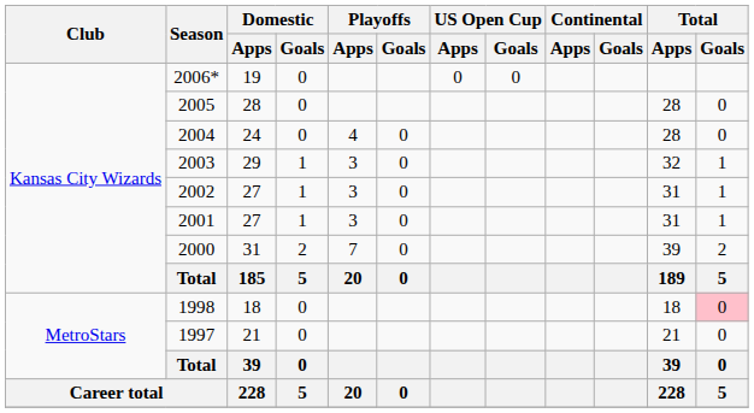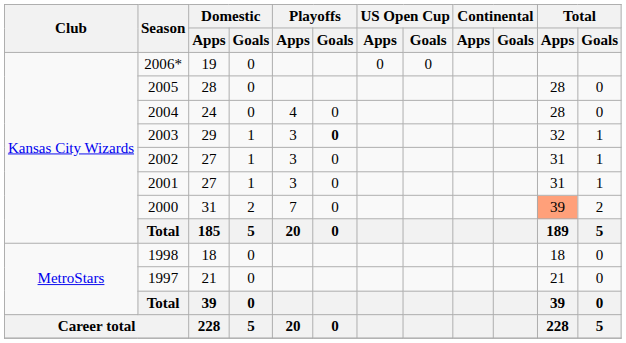 <table class="wikitable" style="text-align:center">
 <tr>
 <th rowspan="2">Club</th>
 <th rowspan="2">Season</th>
 <th colspan="2">Domestic</th>
 <th colspan="2">Playoffs</th>
 <th colspan="2">US Open Cup</th>
 <th colspan="2">Continental</th>
 <th colspan="2">Total</th>
 </tr>
 <tr>
 <th>Apps</th>
 <th>Goals</th>
 <th>Apps</th>
 <th>Goals</th>
 <th>Apps</th>
 <th>Goals</th>
 <th>Apps</th>
 <th>Goals</th>
 <th>Apps</th>
 <th>Goals</th>
 </tr>
 <tr>
 <td rowspan="8"><a href='#'>Kansas City Wizards</a></td>
 <td>2006*</td>
 <td>19</td>
 <td>0</td>
 <td></td>
 <td></td>
 <td>0</td>
 <td>0</td>
 <td></td>
 <td></td>
 <td></td>
 <td></td>
 </tr>
 <tr>
 <td>2005</td>
 <td>28</td>
 <td>0</td>
 <td></td>
 <td></td>
 <td></td>
 <td></td>
 <td></td>
 <td></td>
 <td>28</td>
 <td>0</td>
 </tr>
 <tr>
 <td>2004</td>
 <td>24</td>
 <td>0</td>
 <td>4</td>
 <td>0</td>
 <td></td>
 <td></td>
 <td></td>
 <td></td>
 <td>28</td>
 <td>0</td>
 </tr>
 <tr>
 <td>2003</td>
 <td>29</td>
 <td>1</td>
 <td>3</td>
-<td>0</td>
+<td><strong>0</strong></td>
 <td></td>
 <td></td>
 <td></td>
 <td></td>
 <td>32</td>
 <td>1</td>
 </tr>
 <tr>
 <td>2002</td>
 <td>27</td>
 <td>1</td>
 <td>3</td>
 <td>0</td>
 <td></td>
 <td></td>
 <td></td>
 <td></td>
 <td>31</td>
 <td>1</td>
 </tr>
 <tr>
 <td>2001</td>
 <td>27</td>
 <td>1</td>
 <td>3</td>
 <td>0</td>
 <td></td>
 <td></td>
 <td></td>
 <td></td>
 <td>31</td>
 <td>1</td>
 </tr>
 <tr>
 <td>2000</td>
 <td>31</td>
 <td>2</td>
 <td>7</td>
 <td>0</td>
 <td></td>
 <td></td>
 <td></td>
 <td></td>
-<td>39</td>
+<td style="background: lightsalmon;">39</td>
 <td>2</td>
 </tr>
 <tr>
 <th>Total</th>
 <th>185</th>
 <th>5</th>
 <th>20</th>
 <th>0</th>
 <th></th>
 <th></th>
 <th></th>
 <th></th>
 <th>189</th>
 <th>5</th>
 </tr>
 <tr>
 <td rowspan="3"><a href='#'>MetroStars</a></td>
 <td>1998</td>
 <td>18</td>
 <td>0</td>
 <td></td>
 <td></td>
 <td></td>
 <td></td>
 <td></td>
 <td></td>
 <td>18</td>
-<td style="background: pink;">0</td>
+<td>0</td>
 </tr>
 <tr>
 <td>1997</td>
 <td>21</td>
 <td>0</td>
 <td></td>
 <td></td>
 <td></td>
 <td></td>
 <td></td>
 <td></td>
 <td>21</td>
 <td>0</td>
 </tr>
 <tr>
 <th>Total</th>
 <th>39</th>
 <th>0</th>
 <th></th>
 <th></th>
 <th></th>
 <th></th>
 <th></th>
 <th></th>
 <th>39</th>
 <th>0</th>
 </tr>
 <tr>
 <th colspan="2">Career total</th>
 <th>228</th>
 <th>5</th>
 <th>20</th>
 <th>0</th>
 <th></th>
 <th></th>
 <th></th>
 <th></th>
 <th>228</th>
 <th>5</th>
 </tr>
 <tr>
 </tr>
 </table>
